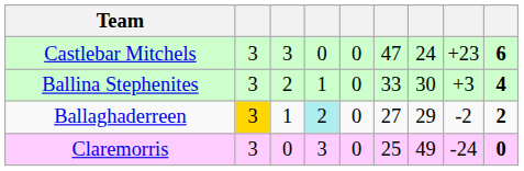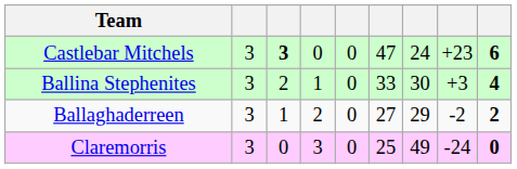 <table class="wikitable" style="text-align:center">
 <tr>
 <th style="width:175px;">Team</th>
 <th width="20"></th>
 <th width="20"></th>
 <th width="20"></th>
 <th width="20"></th>
 <th width="20"></th>
 <th width="20"></th>
 <th width="20"></th>
 <th width="20"></th>
 </tr>
 <tr style="background:#cfc;">
 <td><a href='#'>Castlebar Mitchels</a></td>
 <td>3</td>
-<td>3</td>
+<td><strong>3</strong></td>
 <td>0</td>
 <td>0</td>
 <td>47</td>
 <td>24</td>
 <td>+23</td>
 <td><strong>6</strong></td>
 </tr>
 <tr style="background:#cfc;">
 <td><a href='#'>Ballina Stephenites</a></td>
 <td>3</td>
 <td>2</td>
 <td>1</td>
 <td>0</td>
 <td>33</td>
 <td>30</td>
 <td>+3</td>
 <td><strong>4</strong></td>
 </tr>
 <tr>
 <td><a href='#'>Ballaghaderreen</a></td>
-<td style="background: gold;">3</td>
+<td>3</td>
 <td>1</td>
-<td style="background: paleturquoise;">2</td>
+<td>2</td>
 <td>0</td>
 <td>27</td>
 <td>29</td>
 <td>-2</td>
 <td><strong>2</strong></td>
 </tr>
 <tr style="background:#fcf;">
 <td><a href='#'>Claremorris</a></td>
 <td>3</td>
 <td>0</td>
 <td>3</td>
 <td>0</td>
 <td>25</td>
 <td>49</td>
 <td>-24</td>
 <td><strong>0</strong></td>
 </tr>
 </table>
